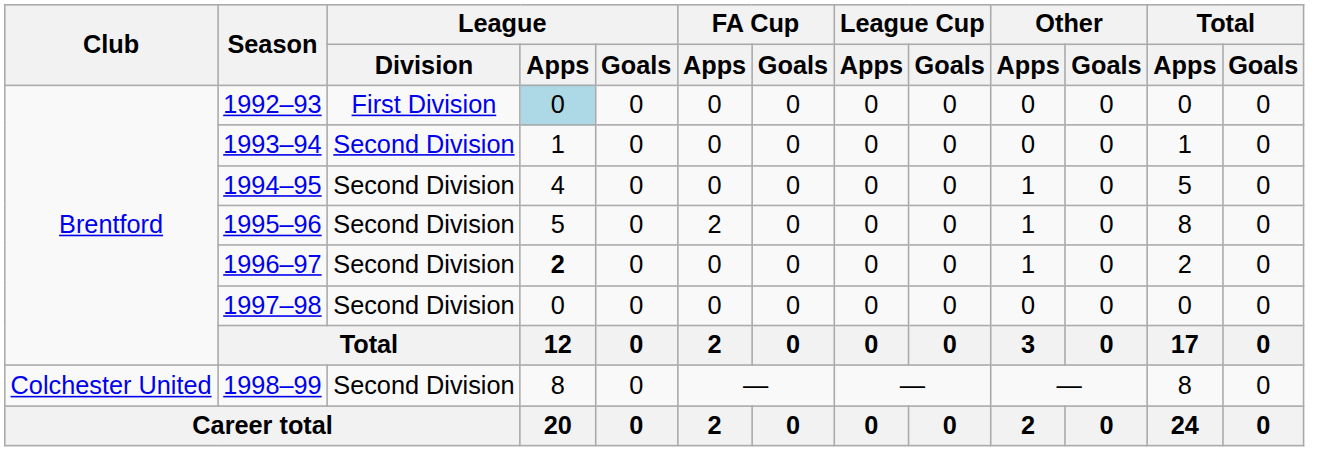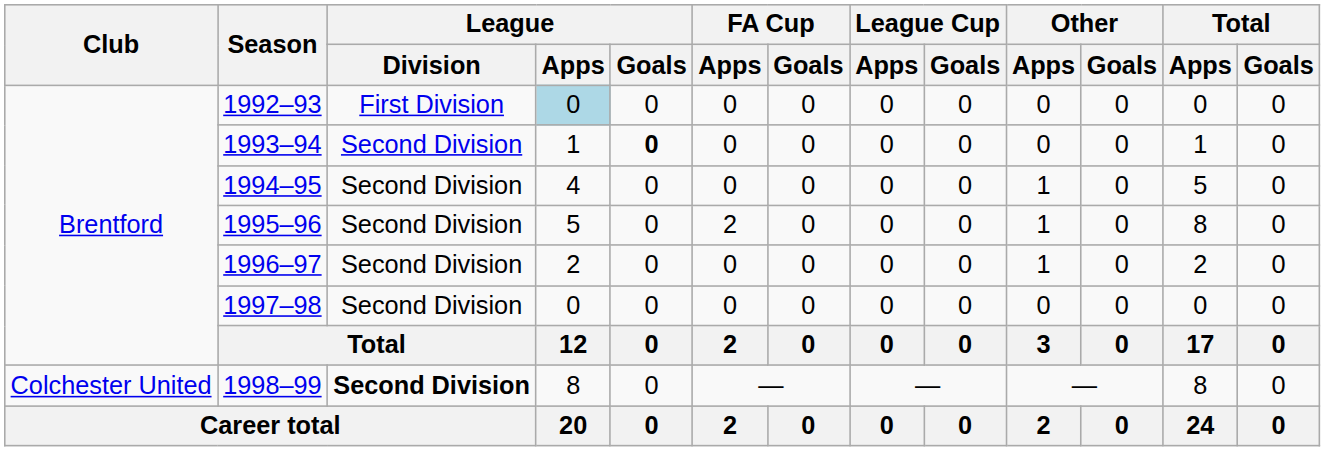 <table class="wikitable" style="text-align: center;">
 <tr>
 <th rowspan="2">Club</th>
 <th rowspan="2">Season</th>
 <th colspan="3">League</th>
 <th colspan="2">FA Cup</th>
 <th colspan="2">League Cup</th>
 <th colspan="2">Other</th>
 <th colspan="2">Total</th>
 </tr>
 <tr>
 <th>Division</th>
 <th>Apps</th>
 <th>Goals</th>
 <th>Apps</th>
 <th>Goals</th>
 <th>Apps</th>
 <th>Goals</th>
 <th>Apps</th>
 <th>Goals</th>
 <th>Apps</th>
 <th>Goals</th>
 </tr>
 <tr>
 <td rowspan="7"><a href='#'>Brentford</a></td>
 <td><a href='#'>1992–93</a></td>
 <td><a href='#'>First Division</a></td>
 <td style="background: lightblue;">0</td>
 <td>0</td>
 <td>0</td>
 <td>0</td>
 <td>0</td>
 <td>0</td>
 <td>0</td>
 <td>0</td>
 <td>0</td>
 <td>0</td>
 </tr>
 <tr>
 <td><a href='#'>1993–94</a></td>
 <td><a href='#'>Second Division</a></td>
 <td>1</td>
-<td>0</td>
+<td><strong>0</strong></td>
 <td>0</td>
 <td>0</td>
 <td>0</td>
 <td>0</td>
 <td>0</td>
 <td>0</td>
 <td>1</td>
 <td>0</td>
 </tr>
 <tr>
 <td><a href='#'>1994–95</a></td>
 <td>Second Division</td>
 <td>4</td>
 <td>0</td>
 <td>0</td>
 <td>0</td>
 <td>0</td>
 <td>0</td>
 <td>1</td>
 <td>0</td>
 <td>5</td>
 <td>0</td>
 </tr>
 <tr>
 <td><a href='#'>1995–96</a></td>
 <td>Second Division</td>
 <td>5</td>
 <td>0</td>
 <td>2</td>
 <td>0</td>
 <td>0</td>
 <td>0</td>
 <td>1</td>
 <td>0</td>
 <td>8</td>
 <td>0</td>
 </tr>
 <tr>
 <td><a href='#'>1996–97</a></td>
 <td>Second Division</td>
-<td><strong>2</strong></td>
+<td>2</td>
 <td>0</td>
 <td>0</td>
 <td>0</td>
 <td>0</td>
 <td>0</td>
 <td>1</td>
 <td>0</td>
 <td>2</td>
 <td>0</td>
 </tr>
 <tr>
 <td><a href='#'>1997–98</a></td>
 <td>Second Division</td>
 <td>0</td>
 <td>0</td>
 <td>0</td>
 <td>0</td>
 <td>0</td>
 <td>0</td>
 <td>0</td>
 <td>0</td>
 <td>0</td>
 <td>0</td>
 </tr>
 <tr>
 <th colspan="2">Total</th>
 <th>12</th>
 <th>0</th>
 <th>2</th>
 <th>0</th>
 <th>0</th>
 <th>0</th>
 <th>3</th>
 <th>0</th>
 <th>17</th>
 <th>0</th>
 </tr>
 <tr>
 <td><a href='#'>Colchester United</a></td>
 <td><a href='#'>1998–99</a></td>
-<td>Second Division</td>
+<td><strong>Second Division</strong></td>
 <td>8</td>
 <td>0</td>
 <td colspan="2">—</td>
 <td colspan="2">—</td>
 <td colspan="2">—</td>
 <td>8</td>
 <td>0</td>
 </tr>
 <tr>
 <th colspan="3">Career total</th>
 <th>20</th>
 <th>0</th>
 <th>2</th>
 <th>0</th>
 <th>0</th>
 <th>0</th>
 <th>2</th>
 <th>0</th>
 <th>24</th>
 <th>0</th>
 </tr>
 </table>
